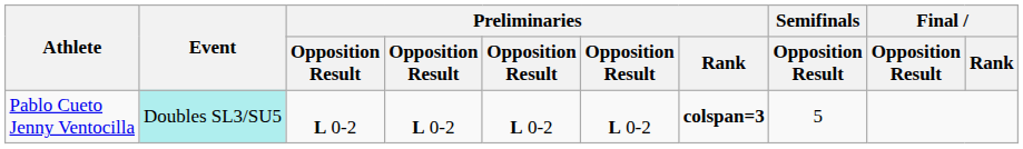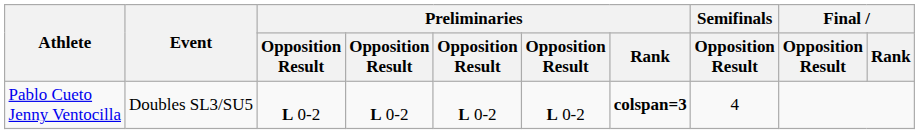 <table class=wikitable style="font-size:90%">
 <tr>
 <th rowspan="2">Athlete</th>
 <th rowspan="2">Event</th>
 <th colspan="5">Preliminaries</th>
 <th>Semifinals</th>
 <th colspan="2">Final / </th>
 </tr>
 <tr>
 <th>Opposition<br>Result</th>
 <th>Opposition<br>Result</th>
 <th>Opposition<br>Result</th>
 <th>Opposition<br>Result</th>
 <th>Rank</th>
 <th>Opposition<br>Result</th>
 <th>Opposition<br>Result</th>
 <th>Rank</th>
 </tr>
 <tr align=center>
 <td align=left><a href='#'>Pablo Cueto</a><br><a href='#'>Jenny Ventocilla</a></td>
-<td align=left style="background: paleturquoise;">Doubles SL3/SU5</td>
+<td align=left>Doubles SL3/SU5</td>
 <td><br><strong>L</strong> 0-2</td>
 <td><br><strong>L</strong> 0-2</td>
 <td><br><strong>L</strong> 0-2</td>
 <td><br><strong>L</strong> 0-2</td>
 <td><strong>colspan=3 </strong></td>
-<td>5</td>
+<td>4</td>
 </tr>
 </table>
